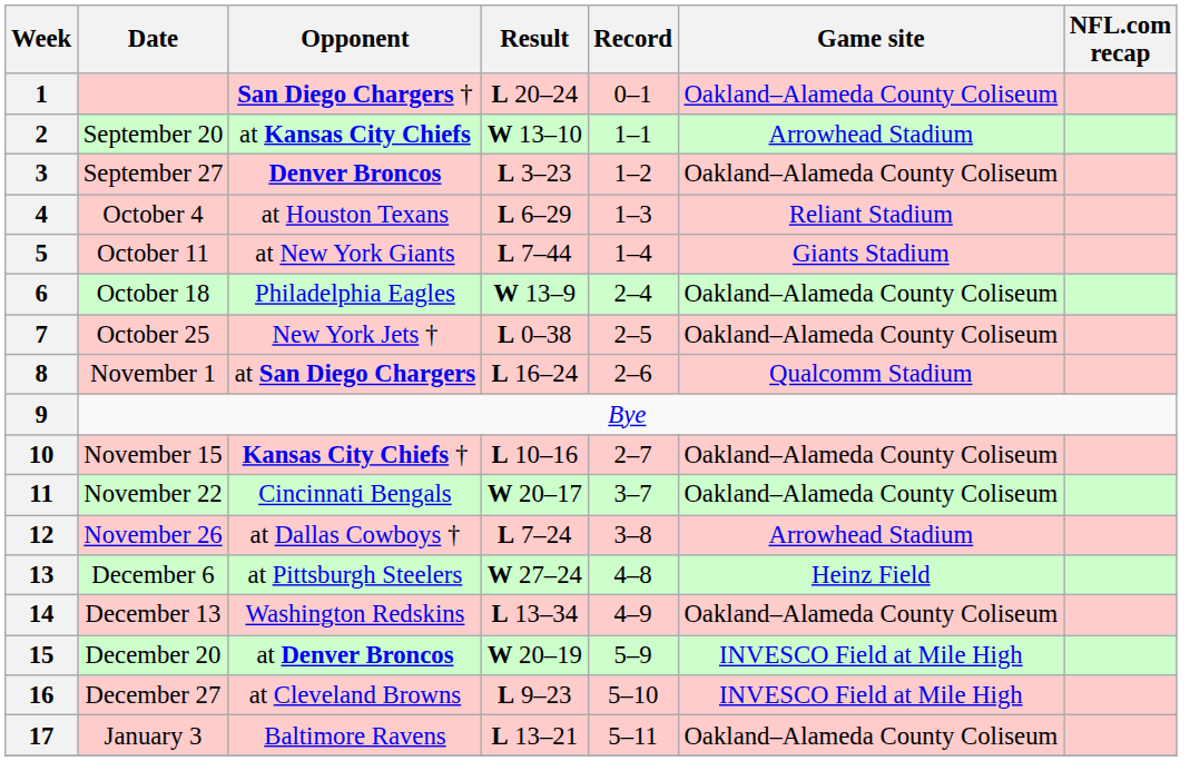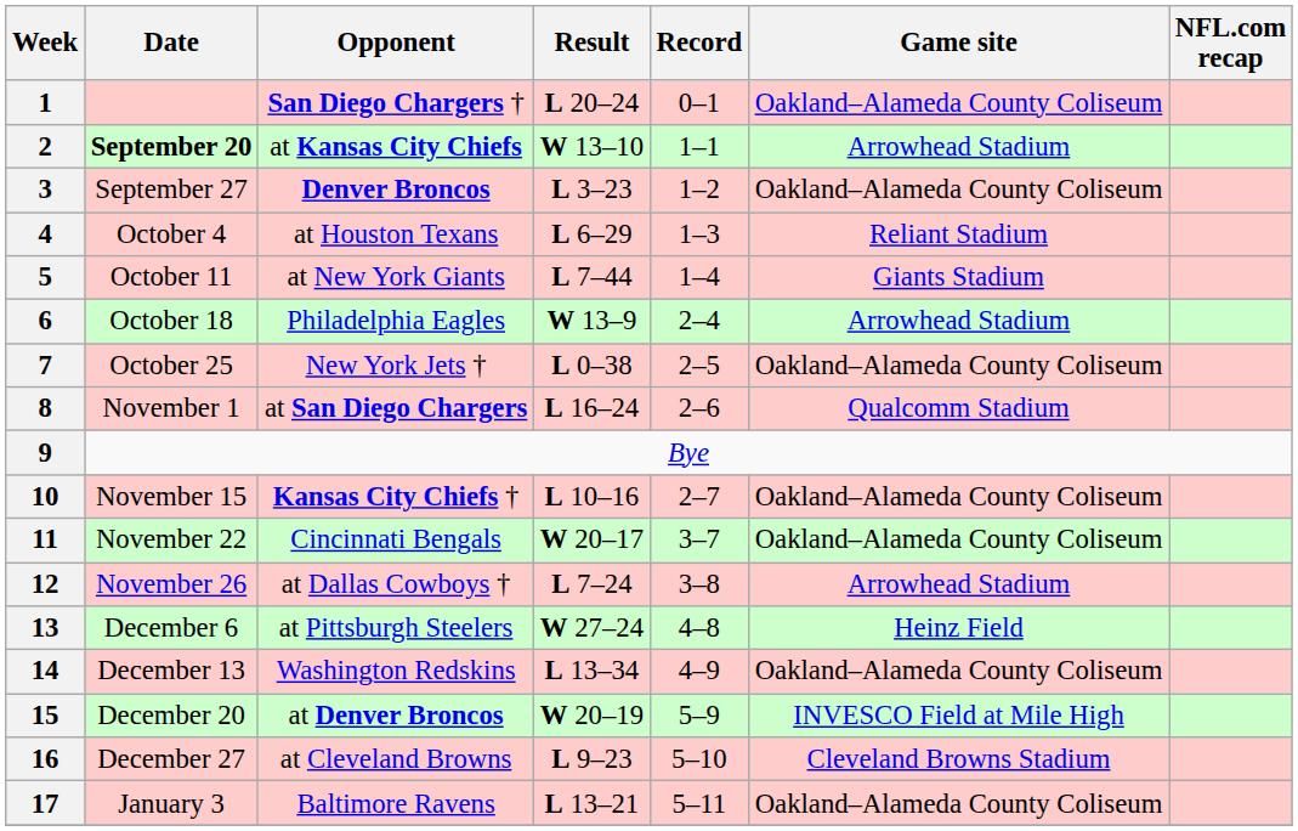 <table class="wikitable" style="text-align:center">
 <tr>
 <th>Week</th>
 <th>Date</th>
 <th>Opponent</th>
 <th>Result</th>
 <th>Record</th>
 <th>Game site</th>
 <th>NFL.com<br>recap</th>
 </tr>
 <tr style="text-align:center; background:#fcc;">
 <th style="text-align:center;">1</th>
 <td style="text-align:center;"></td>
 <td style="text-align:center;"><strong><a href='#'>San Diego Chargers</a></strong> †</td>
 <td style="text-align:center;"><strong>L</strong> 20–24</td>
 <td style="text-align:center;">0–1</td>
 <td style="text-align:center;"><a href='#'>Oakland–Alameda County Coliseum</a></td>
 <td style="text-align:center;"></td>
 </tr>
 <tr style="background:#cfc;">
 <th style="text-align:center;">2</th>
-<td style="text-align:center;">September 20</td>
+<td style="text-align:center;"><strong>September 20</strong></td>
 <td style="text-align:center;">at <strong><a href='#'>Kansas City Chiefs</a></strong></td>
 <td style="text-align:center;"><strong>W</strong> 13–10</td>
 <td style="text-align:center;">1–1</td>
 <td style="text-align:center;"><a href='#'>Arrowhead Stadium</a></td>
 <td style="text-align:center;"></td>
 </tr>
 <tr style="background:#fcc;">
 <th style="text-align:center;">3</th>
 <td style="text-align:center;">September 27</td>
 <td style="text-align:center;"><strong><a href='#'>Denver Broncos</a></strong></td>
 <td style="text-align:center;"><strong>L</strong> 3–23</td>
 <td style="text-align:center;">1–2</td>
 <td style="text-align:center;">Oakland–Alameda County Coliseum</td>
 <td style="text-align:center;"></td>
 </tr>
 <tr style="background:#fcc;">
 <th style="text-align:center;">4</th>
 <td style="text-align:center;">October 4</td>
 <td style="text-align:center;">at <a href='#'>Houston Texans</a></td>
 <td style="text-align:center;"><strong>L</strong> 6–29</td>
 <td style="text-align:center;">1–3</td>
 <td style="text-align:center;"><a href='#'>Reliant Stadium</a></td>
 <td style="text-align:center;"></td>
 </tr>
 <tr style="background:#fcc;">
 <th style="text-align:center;">5</th>
 <td style="text-align:center;">October 11</td>
 <td style="text-align:center;">at <a href='#'>New York Giants</a></td>
 <td style="text-align:center;"><strong>L</strong> 7–44</td>
 <td style="text-align:center;">1–4</td>
 <td style="text-align:center;"><a href='#'>Giants Stadium</a></td>
 <td style="text-align:center;"></td>
 </tr>
 <tr style="background:#cfc;">
 <th style="text-align:center;">6</th>
 <td style="text-align:center;">October 18</td>
 <td style="text-align:center;"><a href='#'>Philadelphia Eagles</a></td>
 <td style="text-align:center;"><strong>W</strong> 13–9</td>
 <td style="text-align:center;">2–4</td>
-<td style="text-align:center;">Oakland–Alameda County Coliseum</td>
+<td style="text-align:center;"><a href='#'>Arrowhead Stadium</a></td>
 <td style="text-align:center;"></td>
 </tr>
 <tr style="background:#fcc;">
 <th style="text-align:center;">7</th>
 <td style="text-align:center;">October 25</td>
 <td style="text-align:center;"><a href='#'>New York Jets</a> †</td>
 <td style="text-align:center;"><strong>L</strong> 0–38</td>
 <td style="text-align:center;">2–5</td>
 <td style="text-align:center;">Oakland–Alameda County Coliseum</td>
 <td style="text-align:center;"></td>
 </tr>
 <tr style="background:#fcc;">
 <th style="text-align:center;">8</th>
 <td style="text-align:center;">November 1</td>
 <td style="text-align:center;">at <strong><a href='#'>San Diego Chargers</a></strong></td>
 <td style="text-align:center;"><strong>L</strong> 16–24</td>
 <td style="text-align:center;">2–6</td>
 <td style="text-align:center;"><a href='#'>Qualcomm Stadium</a></td>
 <td style="text-align:center;"></td>
 </tr>
 <tr>
 <th style="text-align:center;">9</th>
 <td colspan="9" style="text-align:center;"><em><a href='#'>Bye</a></em></td>
 </tr>
 <tr style="background:#fcc;">
 <th style="text-align:center;">10</th>
 <td style="text-align:center;">November 15</td>
 <td style="text-align:center;"><strong><a href='#'>Kansas City Chiefs</a></strong> †</td>
 <td style="text-align:center;"><strong>L</strong> 10–16</td>
 <td style="text-align:center;">2–7</td>
 <td style="text-align:center;">Oakland–Alameda County Coliseum</td>
 <td style="text-align:center;"></td>
 </tr>
 <tr style="background:#cfc;">
 <th style="text-align:center;">11</th>
 <td style="text-align:center;">November 22</td>
 <td style="text-align:center;"><a href='#'>Cincinnati Bengals</a></td>
 <td style="text-align:center;"><strong>W</strong> 20–17</td>
 <td style="text-align:center;">3–7</td>
 <td style="text-align:center;">Oakland–Alameda County Coliseum</td>
 <td style="text-align:center;"></td>
 </tr>
 <tr style="background:#fcc;">
 <th style="text-align:center;">12</th>
 <td style="text-align:center;"><a href='#'>November 26</a></td>
 <td style="text-align:center;">at <a href='#'>Dallas Cowboys</a> †</td>
 <td style="text-align:center;"><strong>L</strong> 7–24</td>
 <td style="text-align:center;">3–8</td>
 <td style="text-align:center;"><a href='#'>Arrowhead Stadium</a></td>
 <td style="text-align:center;"></td>
 </tr>
 <tr style="background:#cfc;">
 <th style="text-align:center;">13</th>
 <td style="text-align:center;">December 6</td>
 <td style="text-align:center;">at <a href='#'>Pittsburgh Steelers</a></td>
 <td style="text-align:center;"><strong>W</strong> 27–24</td>
 <td style="text-align:center;">4–8</td>
 <td style="text-align:center;"><a href='#'>Heinz Field</a></td>
 <td style="text-align:center;"></td>
 </tr>
 <tr style="background:#fcc;">
 <th style="text-align:center;">14</th>
 <td style="text-align:center;">December 13</td>
 <td style="text-align:center;"><a href='#'>Washington Redskins</a></td>
 <td style="text-align:center;"><strong>L</strong> 13–34</td>
 <td style="text-align:center;">4–9</td>
 <td style="text-align:center;">Oakland–Alameda County Coliseum</td>
 <td style="text-align:center;"></td>
 </tr>
 <tr style="background:#cfc;">
 <th style="text-align:center;">15</th>
 <td style="text-align:center;">December 20</td>
 <td style="text-align:center;">at <strong><a href='#'>Denver Broncos</a></strong></td>
 <td style="text-align:center;"><strong>W</strong> 20–19</td>
 <td style="text-align:center;">5–9</td>
 <td style="text-align:center;"><a href='#'>INVESCO Field at Mile High</a></td>
 <td style="text-align:center;"></td>
 </tr>
 <tr style="background:#fcc;">
 <th style="text-align:center;">16</th>
 <td style="text-align:center;">December 27</td>
 <td style="text-align:center;">at <a href='#'>Cleveland Browns</a></td>
 <td style="text-align:center;"><strong>L</strong> 9–23</td>
 <td style="text-align:center;">5–10</td>
-<td style="text-align:center;"><a href='#'>INVESCO Field at Mile High</a></td>
+<td style="text-align:center;"><a href='#'>Cleveland Browns Stadium</a></td>
 <td style="text-align:center;"></td>
 </tr>
 <tr style="background:#fcc;">
 <th style="text-align:center;">17</th>
 <td style="text-align:center;">January 3</td>
 <td style="text-align:center;"><a href='#'>Baltimore Ravens</a></td>
 <td style="text-align:center;"><strong>L</strong> 13–21</td>
 <td style="text-align:center;">5–11</td>
 <td style="text-align:center;">Oakland–Alameda County Coliseum</td>
 <td style="text-align:center;"></td>
 </tr>
 <tr>
 </tr>
 </table>
